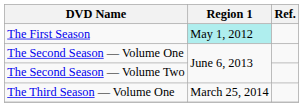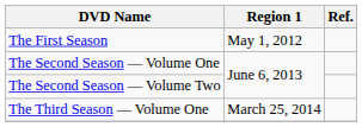 <table class="wikitable">
 <tr>
 <th>DVD Name</th>
 <th>Region 1</th>
 <th>Ref.</th>
 </tr>
 <tr>
 <td><a href='#'>The First Season</a></td>
-<td style="background: paleturquoise;">May 1, 2012</td>
+<td>May 1, 2012</td>
 <td></td>
 </tr>
 <tr>
 <td><a href='#'>The Second Season</a> — Volume One</td>
 <td rowspan="2">June 6, 2013</td>
 <td></td>
 </tr>
 <tr>
 <td><a href='#'>The Second Season</a> — Volume Two</td>
 <td></td>
 </tr>
 <tr>
 <td><a href='#'>The Third Season</a> — Volume One</td>
 <td>March 25, 2014</td>
 <td></td>
 </tr>
 <tr>
 </tr>
 </table>
